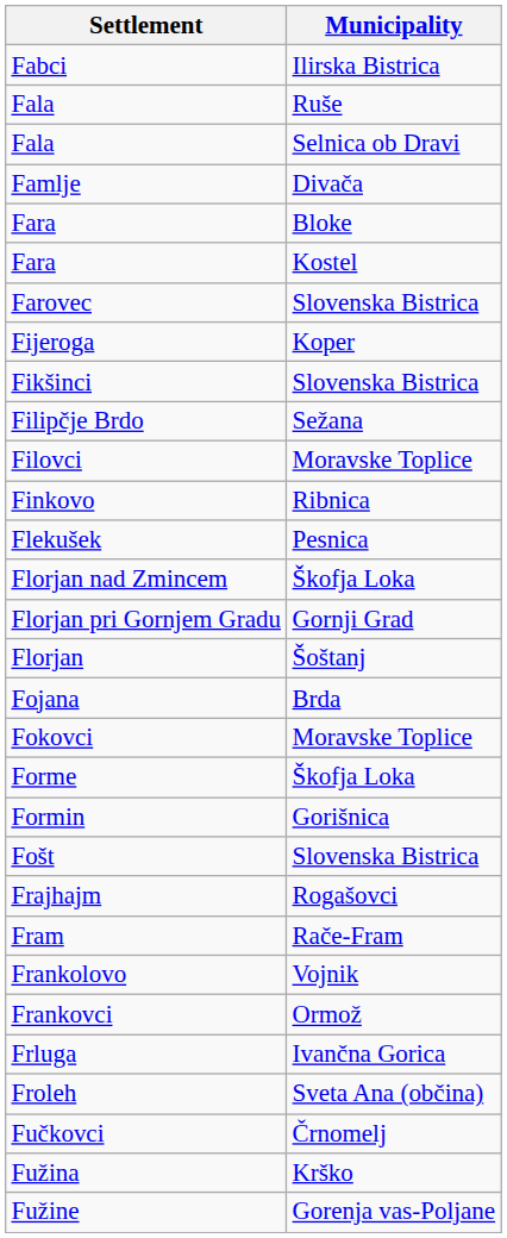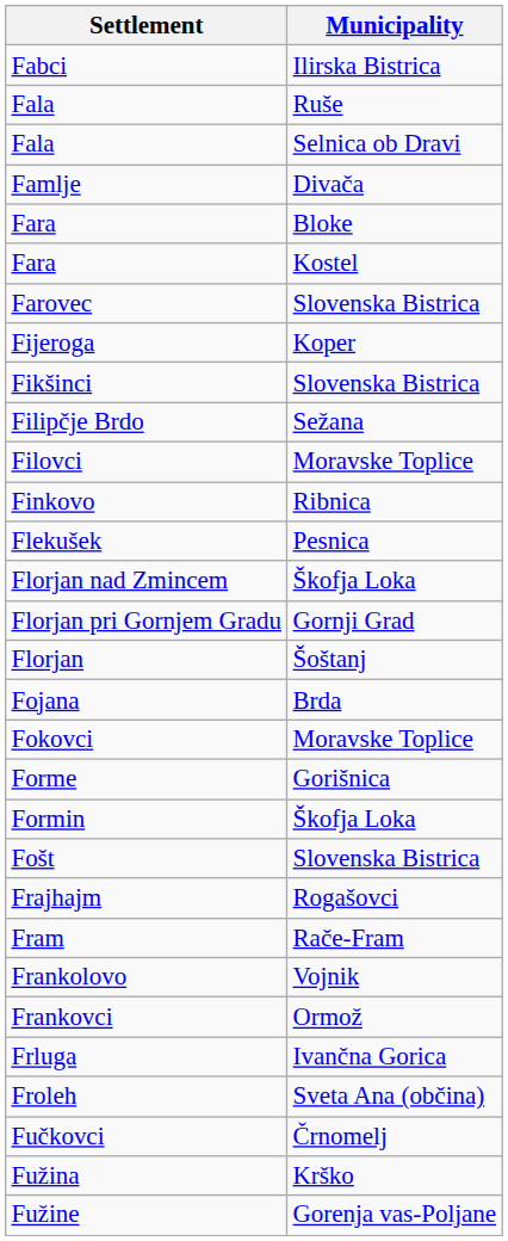 <table class="wikitable sortable">
 <tr>
 <th>Settlement</th>
 <th><a href='#'>Municipality</a></th>
 </tr>
 <tr>
 <td><a href='#'>Fabci</a></td>
 <td><a href='#'>Ilirska Bistrica</a></td>
 </tr>
 <tr>
 <td><a href='#'>Fala</a></td>
 <td><a href='#'>Ruše</a></td>
 </tr>
 <tr>
 <td><a href='#'>Fala</a></td>
 <td><a href='#'>Selnica ob Dravi</a></td>
 </tr>
 <tr>
 <td><a href='#'>Famlje</a></td>
 <td><a href='#'>Divača</a></td>
 </tr>
 <tr>
 <td><a href='#'>Fara</a></td>
 <td><a href='#'>Bloke</a></td>
 </tr>
 <tr>
 <td><a href='#'>Fara</a></td>
 <td><a href='#'>Kostel</a></td>
 </tr>
 <tr>
 <td><a href='#'>Farovec</a></td>
 <td><a href='#'>Slovenska Bistrica</a></td>
 </tr>
 <tr>
 <td><a href='#'>Fijeroga</a></td>
 <td><a href='#'>Koper</a></td>
 </tr>
 <tr>
 <td><a href='#'>Fikšinci</a></td>
 <td><a href='#'>Slovenska Bistrica</a></td>
 </tr>
 <tr>
 <td><a href='#'>Filipčje Brdo</a></td>
 <td><a href='#'>Sežana</a></td>
 </tr>
 <tr>
 <td><a href='#'>Filovci</a></td>
 <td><a href='#'>Moravske Toplice</a></td>
 </tr>
 <tr>
 <td><a href='#'>Finkovo</a></td>
 <td><a href='#'>Ribnica</a></td>
 </tr>
 <tr>
 <td><a href='#'>Flekušek</a></td>
 <td><a href='#'>Pesnica</a></td>
 </tr>
 <tr>
 <td><a href='#'>Florjan nad Zmincem</a></td>
 <td><a href='#'>Škofja Loka</a></td>
 </tr>
 <tr>
 <td><a href='#'>Florjan pri Gornjem Gradu</a></td>
 <td><a href='#'>Gornji Grad</a></td>
 </tr>
 <tr>
 <td><a href='#'>Florjan</a></td>
 <td><a href='#'>Šoštanj</a></td>
 </tr>
 <tr>
 <td><a href='#'>Fojana</a></td>
 <td><a href='#'>Brda</a></td>
 </tr>
 <tr>
 <td><a href='#'>Fokovci</a></td>
 <td><a href='#'>Moravske Toplice</a></td>
 </tr>
 <tr>
 <td><a href='#'>Forme</a></td>
-<td><a href='#'>Škofja Loka</a></td>
+<td><a href='#'>Gorišnica</a></td>
 </tr>
 <tr>
 <td><a href='#'>Formin</a></td>
-<td><a href='#'>Gorišnica</a></td>
+<td><a href='#'>Škofja Loka</a></td>
 </tr>
 <tr>
 <td><a href='#'>Fošt</a></td>
 <td><a href='#'>Slovenska Bistrica</a></td>
 </tr>
 <tr>
 <td><a href='#'>Frajhajm</a></td>
 <td><a href='#'>Rogašovci</a></td>
 </tr>
 <tr>
 <td><a href='#'>Fram</a></td>
 <td><a href='#'>Rače-Fram</a></td>
 </tr>
 <tr>
 <td><a href='#'>Frankolovo</a></td>
 <td><a href='#'>Vojnik</a></td>
 </tr>
 <tr>
 <td><a href='#'>Frankovci</a></td>
 <td><a href='#'>Ormož</a></td>
 </tr>
 <tr>
 <td><a href='#'>Frluga</a></td>
 <td><a href='#'>Ivančna Gorica</a></td>
 </tr>
 <tr>
 <td><a href='#'>Froleh</a></td>
 <td><a href='#'>Sveta Ana (občina)</a></td>
 </tr>
 <tr>
 <td><a href='#'>Fučkovci</a></td>
 <td><a href='#'>Črnomelj</a></td>
 </tr>
 <tr>
 <td><a href='#'>Fužina</a></td>
 <td><a href='#'>Krško</a></td>
 </tr>
 <tr>
 <td><a href='#'>Fužine</a></td>
 <td><a href='#'>Gorenja vas-Poljane</a></td>
 </tr>
 </table>
